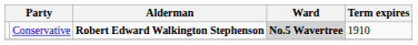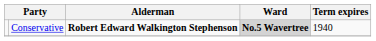 <table class="wikitable">
 <tr>
 <th colspan="2">Party</th>
 <th>Alderman</th>
 <th>Ward</th>
 <th>Term expires</th>
 </tr>
 <tr>
 <td style="background-color:"></td>
 <td><a href='#'>Conservative</a></td>
 <td><strong>Robert Edward Walkington Stephenson</strong></td>
 <td style="background: lightgrey;"><strong>No.5 Wavertree</strong></td>
-<td>1910</td>
+<td>1940</td>
 </tr>
 <tr>
 </tr>
 </table>
